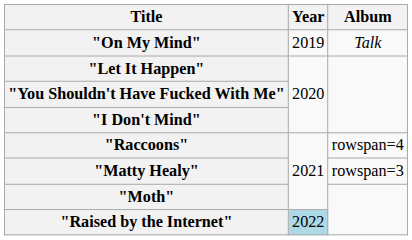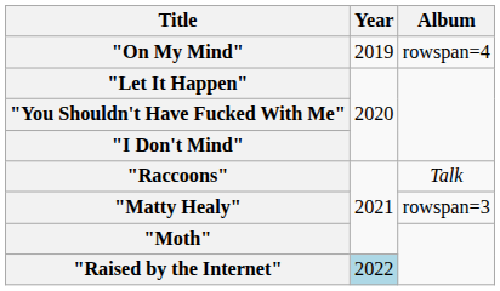 <table class="wikitable plainrowheaders" style="text-align:center;">
 <tr>
 <th scope="col">Title</th>
 <th scope="col">Year</th>
 <th scope="col">Album</th>
 </tr>
 <tr>
 <th scope="row">"On My Mind"</th>
 <td>2019</td>
-<td><em>Talk</em></td>
+<td>rowspan=4 </td>
 </tr>
 <tr>
 <th scope="row">"Let It Happen"</th>
 <td rowspan="3">2020</td>
 </tr>
 <tr>
 <th scope="row">"You Shouldn't Have Fucked With Me"</th>
 </tr>
 <tr>
 <th scope="row">"I Don't Mind"</th>
 </tr>
 <tr>
 <th scope="row">"Raccoons"</th>
 <td rowspan="3">2021</td>
-<td>rowspan=4 </td>
+<td><em>Talk</em></td>
 </tr>
 <tr>
 <th scope="row">"Matty Healy"</th>
 <td>rowspan=3 </td>
 </tr>
 <tr>
 <th scope="row">"Moth"</th>
 </tr>
 <tr>
 <th scope="row">"Raised by the Internet"</th>
 <td style="background: lightblue;">2022</td>
 </tr>
 </table>
